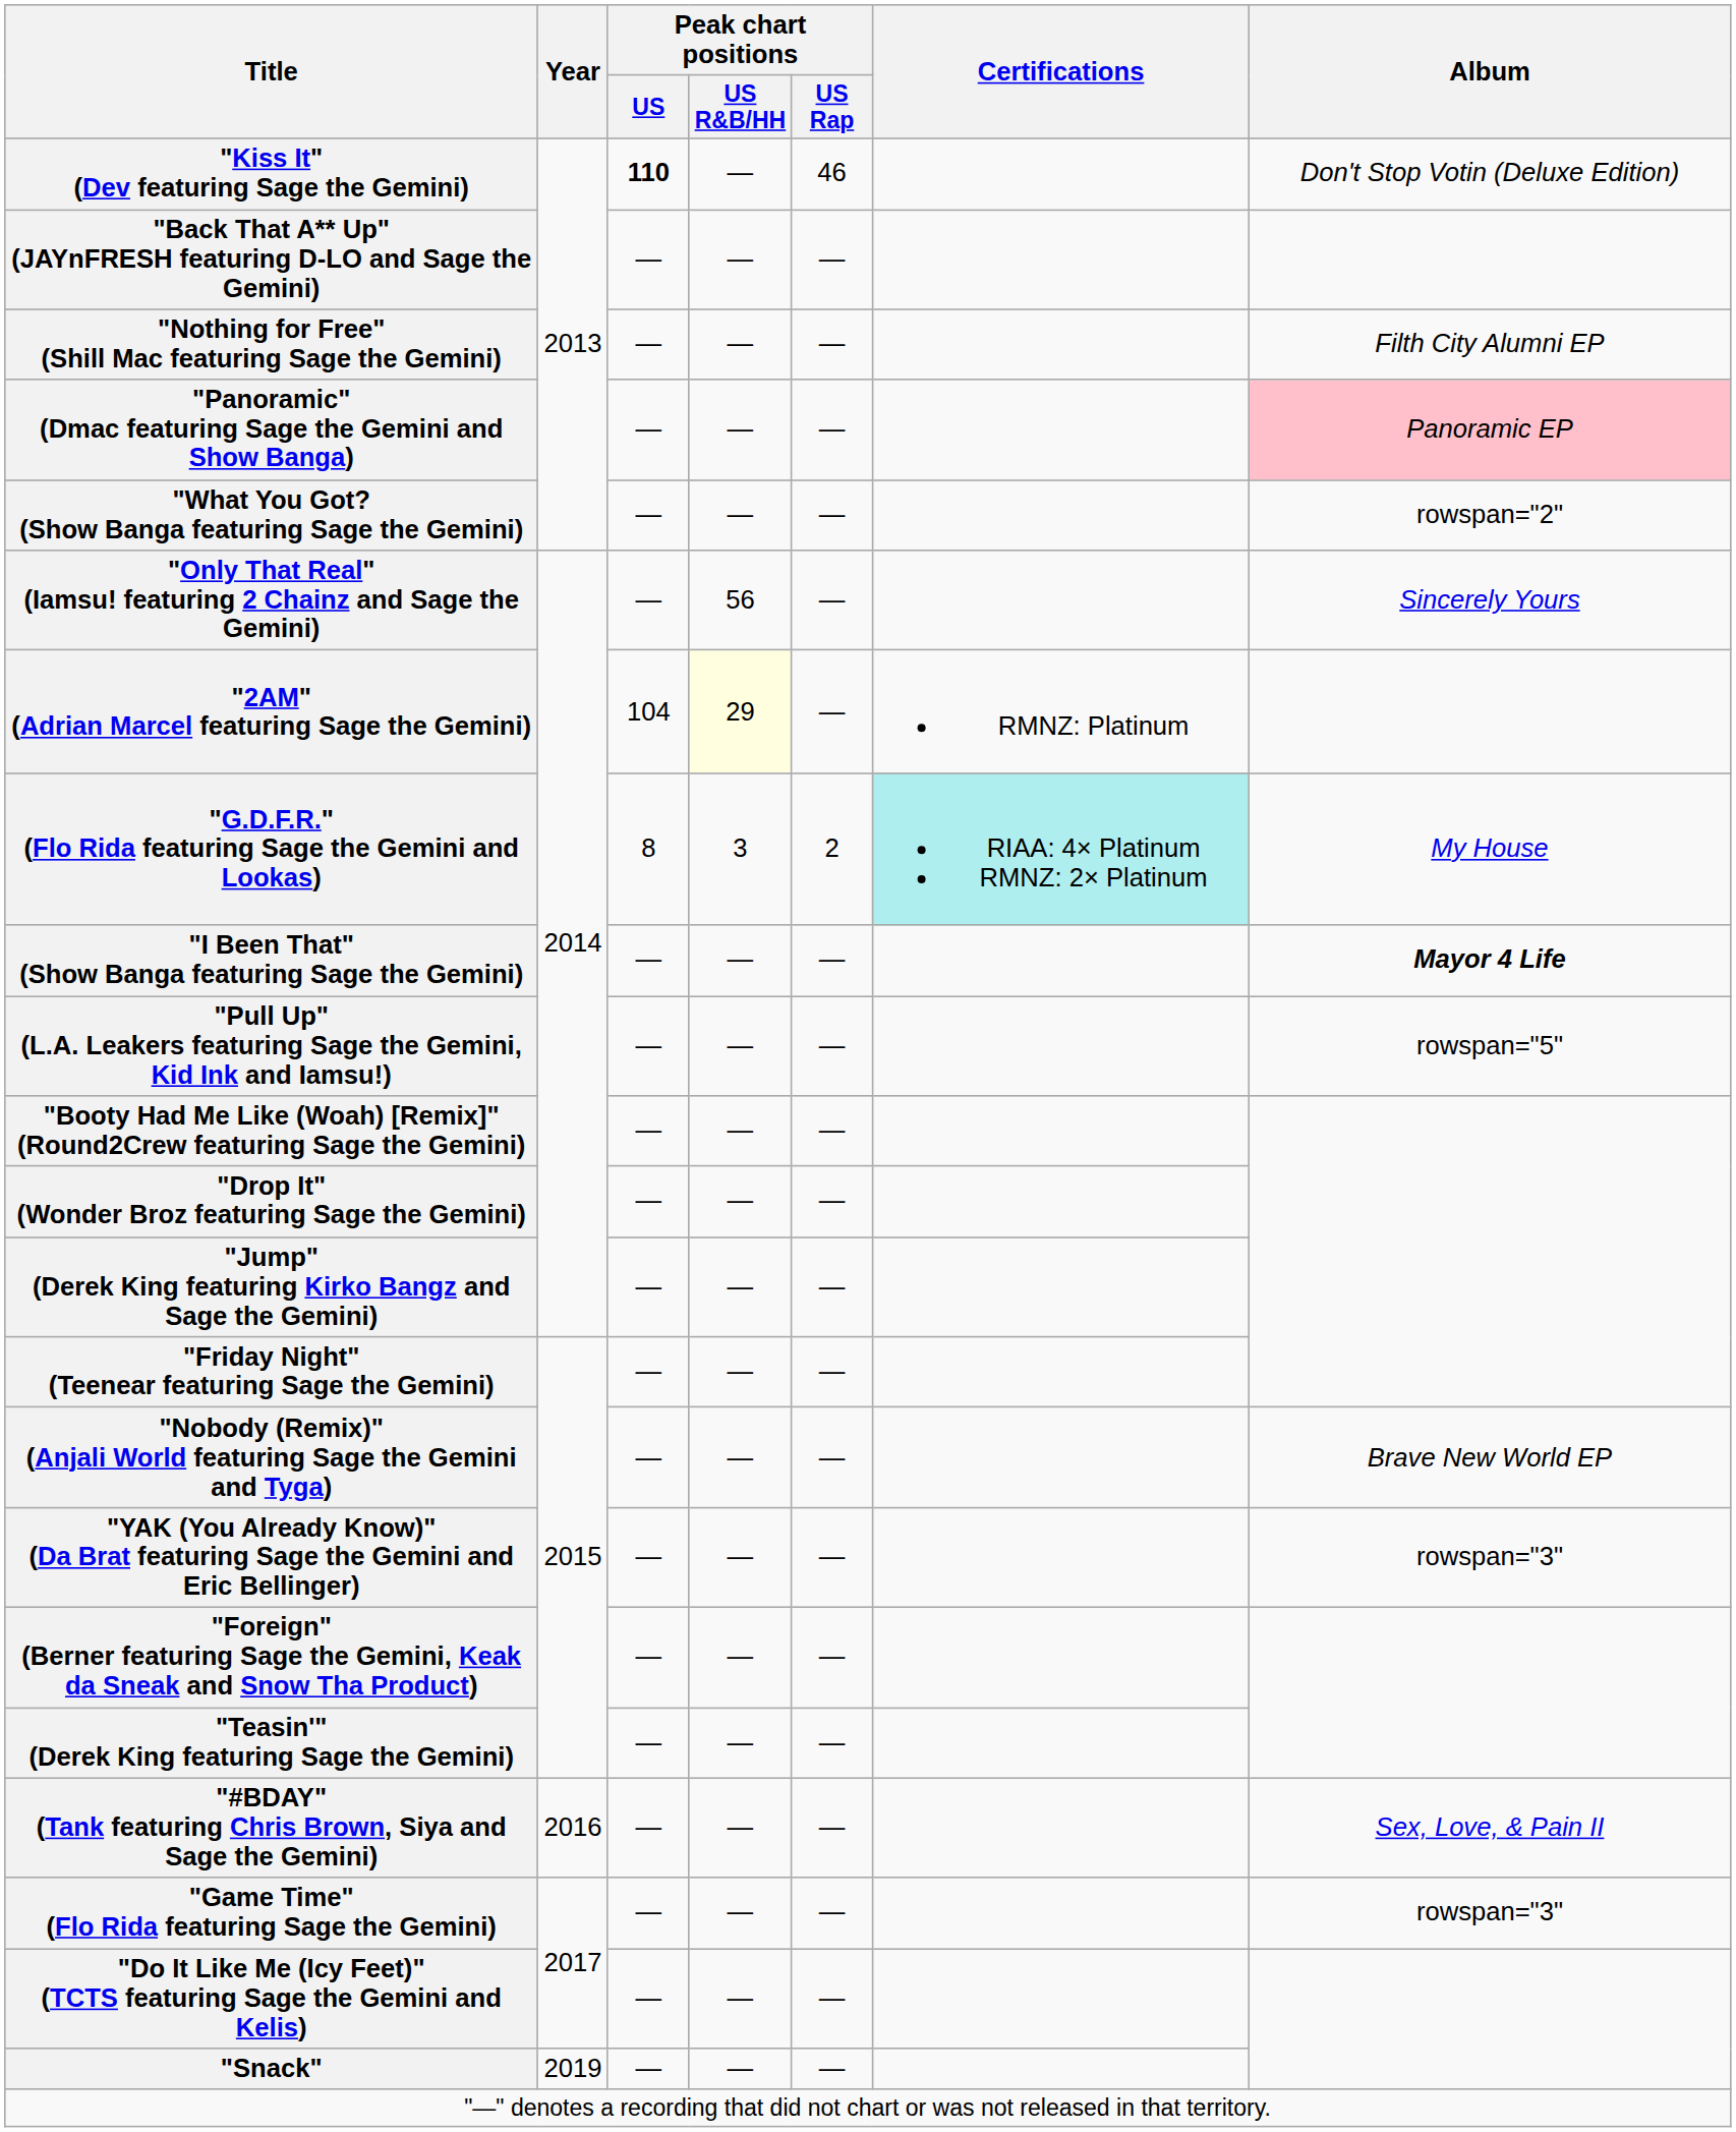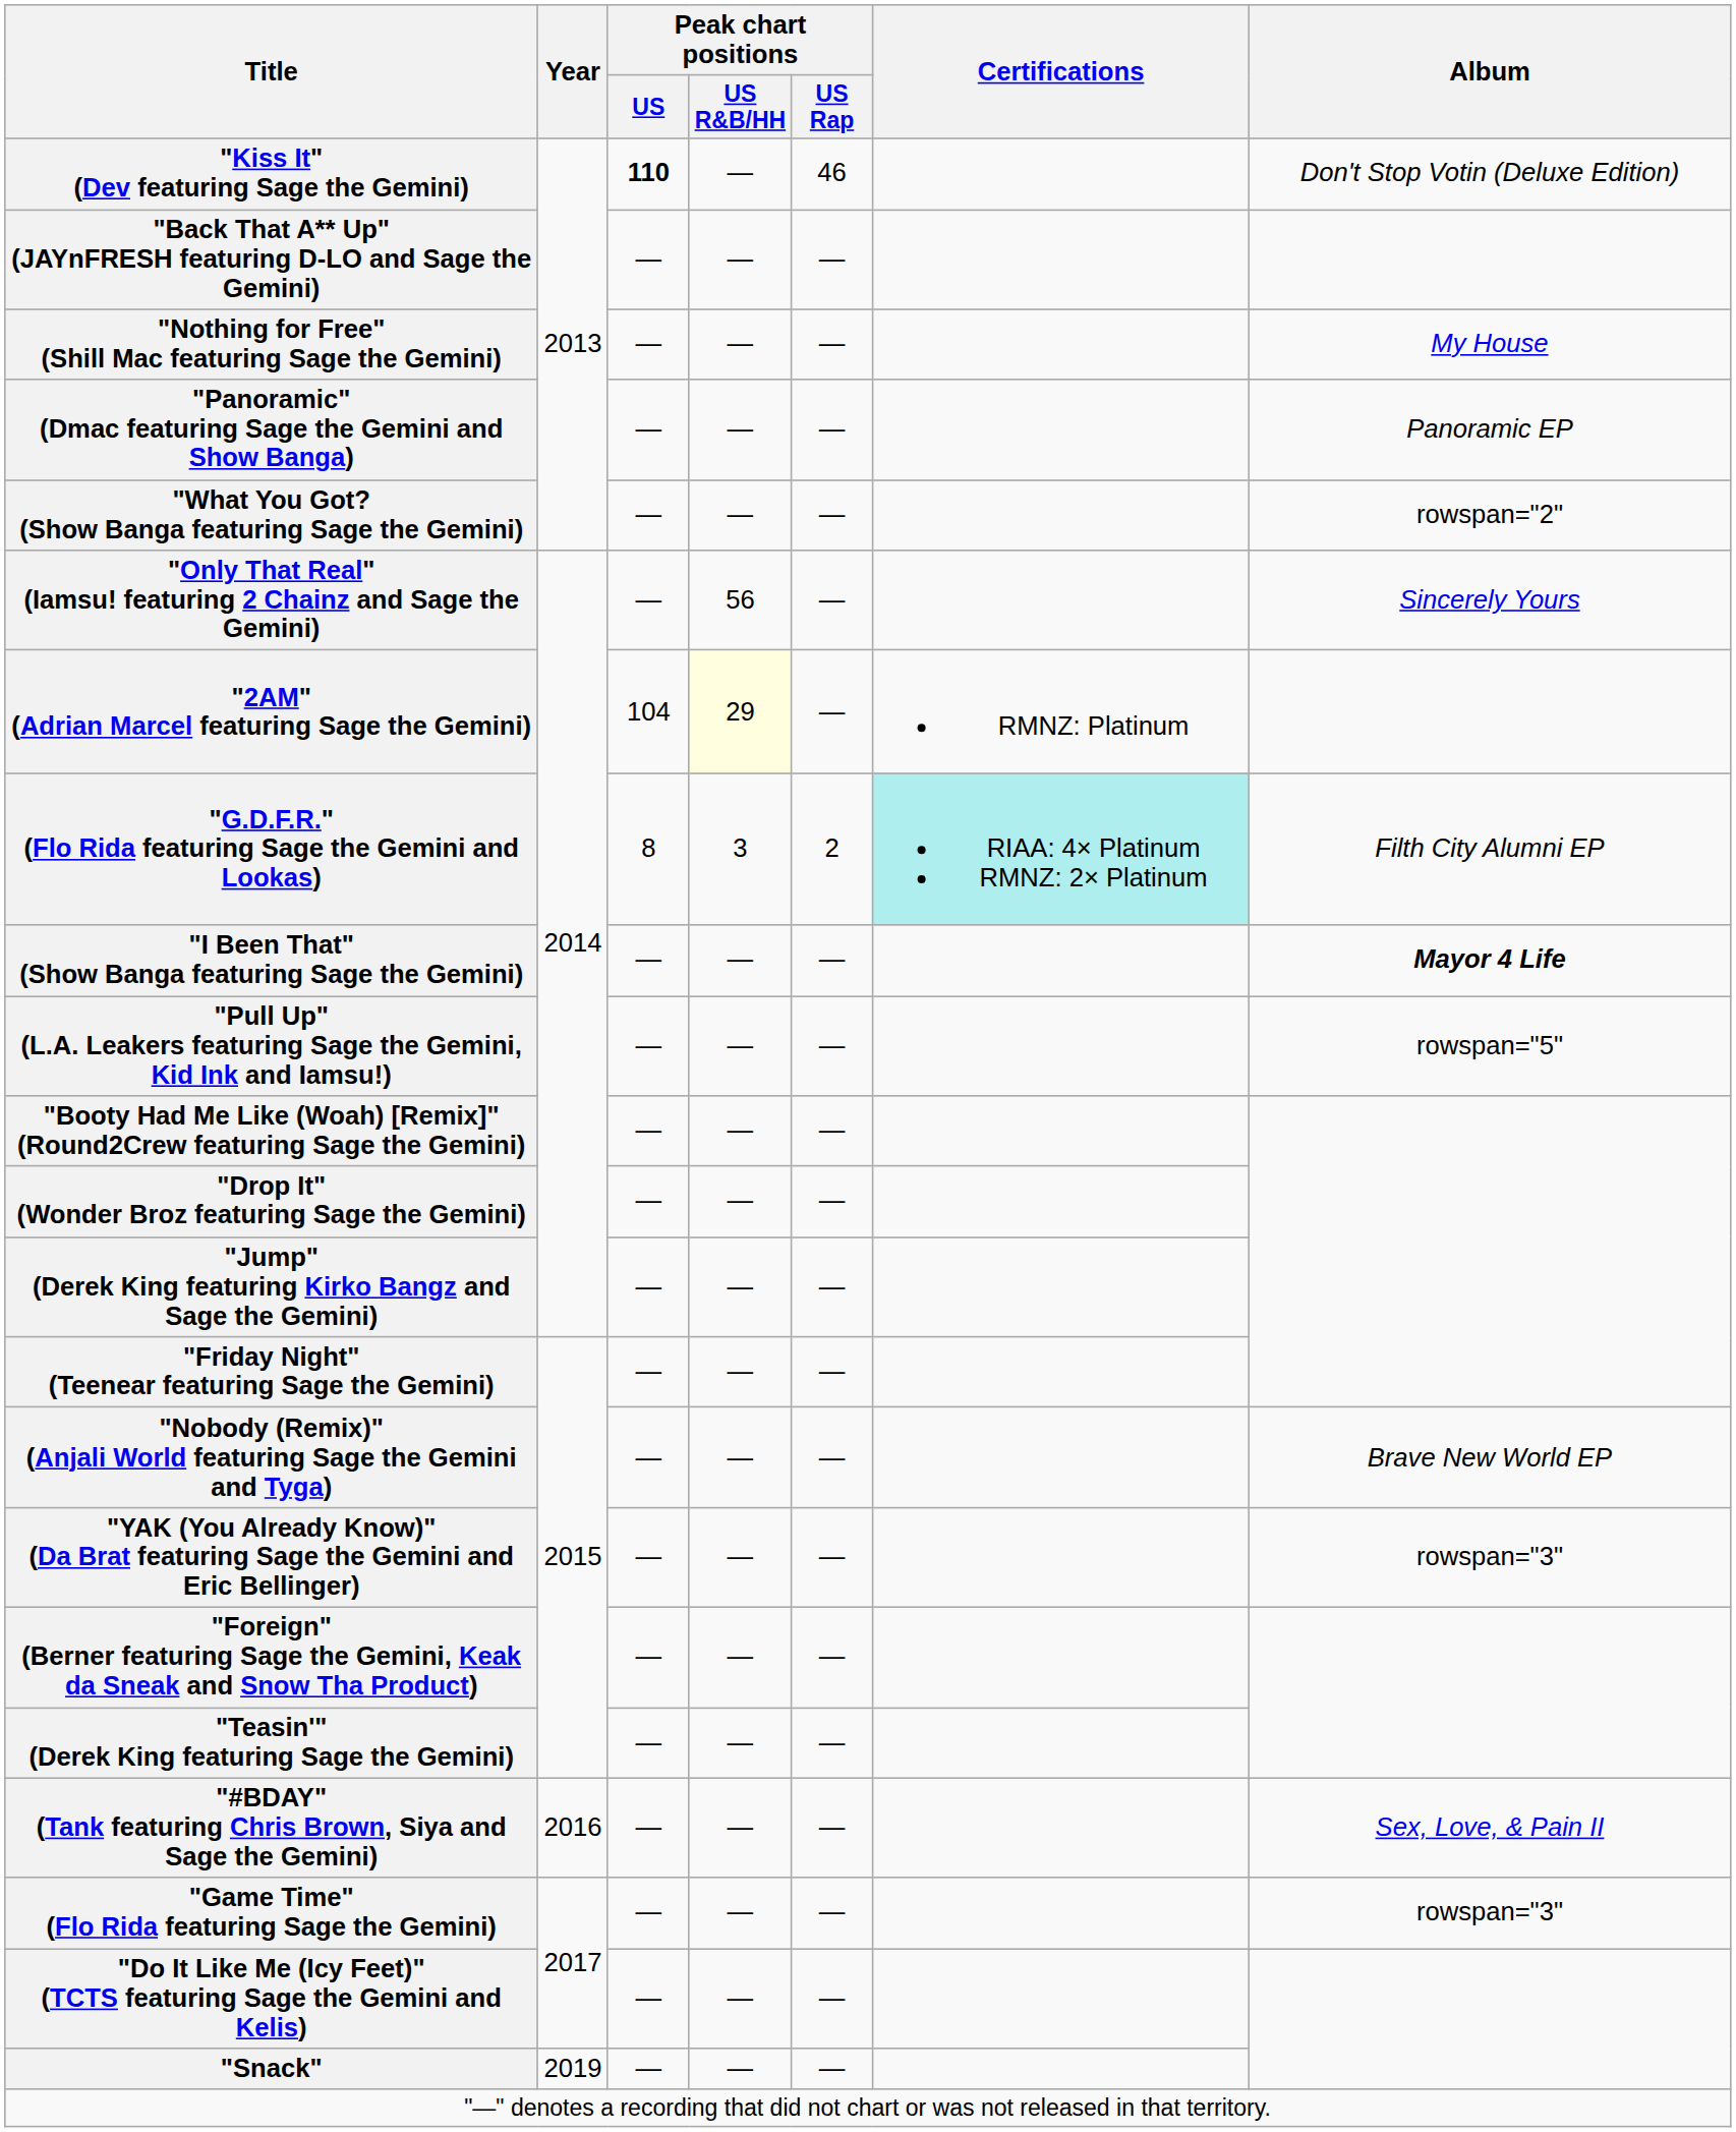 <table class="wikitable plainrowheaders" style="text-align:center;" border="1">
 <tr>
 <th scope="col" rowspan="2" style="width:20em;">Title</th>
 <th scope="col" rowspan="2" style="width:1em;">Year</th>
 <th scope="col" colspan="3">Peak chart positions</th>
 <th scope="col" rowspan="2" style="width:14em;"><a href='#'>Certifications</a></th>
 <th scope="col" rowspan="2" style="width:18em;">Album</th>
 </tr>
 <tr>
 <th scope="col" style="width:3em;font-size:90%;"><a href='#'>US</a></th>
 <th scope="col" style="width:3em;font-size:90%;"><a href='#'>US R&B/HH</a></th>
 <th scope="col" style="width:3em;font-size:90%;"><a href='#'>US Rap</a></th>
 </tr>
 <tr>
 <th scope="row">"<a href='#'>Kiss It</a>"<br><span>(<a href='#'>Dev</a> featuring Sage the Gemini)</span></th>
 <td rowspan="5">2013</td>
 <td><strong>110</strong></td>
 <td>—</td>
 <td>46</td>
 <td></td>
 <td><em>Don't Stop Votin (Deluxe Edition)</em></td>
 </tr>
 <tr>
 <th scope="row">"Back That A** Up"<br><span>(JAYnFRESH featuring D-LO and Sage the Gemini)</span></th>
 <td>—</td>
 <td>—</td>
 <td>—</td>
 <td></td>
 </tr>
 <tr>
 <th scope="row">"Nothing for Free"<br><span>(Shill Mac featuring Sage the Gemini)</span></th>
 <td>—</td>
 <td>—</td>
 <td>—</td>
 <td></td>
-<td><em>Filth City Alumni EP</em></td>
+<td><em><a href='#'>My House</a></em></td>
 </tr>
 <tr>
 <th scope="row">"Panoramic"<br><span>(Dmac featuring Sage the Gemini and <a href='#'>Show Banga</a>)</span></th>
 <td>—</td>
 <td>—</td>
 <td>—</td>
 <td></td>
-<td style="background: pink;"><em>Panoramic EP</em></td>
+<td><em>Panoramic EP</em></td>
 </tr>
 <tr>
 <th scope="row">"What You Got?<br><span>(Show Banga featuring Sage the Gemini)</span></th>
 <td>—</td>
 <td>—</td>
 <td>—</td>
 <td></td>
 <td>rowspan="2" </td>
 </tr>
 <tr>
 <th scope="row">"<a href='#'>Only That Real</a>"<br><span>(Iamsu! featuring <a href='#'>2 Chainz</a> and Sage the Gemini)</span></th>
 <td rowspan="8">2014</td>
 <td>—</td>
 <td>56</td>
 <td>—</td>
 <td></td>
 <td><em><a href='#'>Sincerely Yours</a></em></td>
 </tr>
 <tr>
 <th scope="row">"<a href='#'>2AM</a>"<br><span>(<a href='#'>Adrian Marcel</a> featuring Sage the Gemini)</span></th>
 <td>104</td>
 <td style="background: lightyellow;">29</td>
 <td>—</td>
 <td><br><ul><li>RMNZ: Platinum</li></ul></td>
 <td></td>
 </tr>
 <tr>
 <th scope="row">"<a href='#'>G.D.F.R.</a>"<br><span>(<a href='#'>Flo Rida</a> featuring Sage the Gemini and <a href='#'>Lookas</a>)</span></th>
 <td>8</td>
 <td>3</td>
 <td>2</td>
 <td style="background: paleturquoise;"><br><ul><li>RIAA: 4× Platinum</li><li>RMNZ: 2× Platinum</li></ul></td>
-<td><em><a href='#'>My House</a></em></td>
+<td><em>Filth City Alumni EP</em></td>
 </tr>
 <tr>
 <th scope="row">"I Been That"<br><span>(Show Banga featuring Sage the Gemini)</span></th>
 <td>—</td>
 <td>—</td>
 <td>—</td>
 <td></td>
 <td><strong><em>Mayor 4 Life</em></strong></td>
 </tr>
 <tr>
 <th scope="row">"Pull Up"<br><span>(L.A. Leakers featuring Sage the Gemini, <a href='#'>Kid Ink</a> and Iamsu!)</span></th>
 <td>—</td>
 <td>—</td>
 <td>—</td>
 <td></td>
 <td>rowspan="5" </td>
 </tr>
 <tr>
 <th scope="row">"Booty Had Me Like (Woah) [Remix]"<br><span>(Round2Crew featuring Sage the Gemini)</span></th>
 <td>—</td>
 <td>—</td>
 <td>—</td>
 <td></td>
 </tr>
 <tr>
 <th scope="row">"Drop It"<br><span>(Wonder Broz featuring Sage the Gemini)</span></th>
 <td>—</td>
 <td>—</td>
 <td>—</td>
 <td></td>
 </tr>
 <tr>
 <th scope="row">"Jump"<br><span>(Derek King featuring <a href='#'>Kirko Bangz</a> and Sage the Gemini)</span></th>
 <td>—</td>
 <td>—</td>
 <td>—</td>
 <td></td>
 </tr>
 <tr>
 <th scope="row">"Friday Night"<br><span>(Teenear featuring Sage the Gemini)</span></th>
 <td rowspan="5">2015</td>
 <td>—</td>
 <td>—</td>
 <td>—</td>
 <td></td>
 </tr>
 <tr>
 <th scope="row">"Nobody (Remix)"<br><span>(<a href='#'>Anjali World</a> featuring Sage the Gemini and <a href='#'>Tyga</a>)</span></th>
 <td>—</td>
 <td>—</td>
 <td>—</td>
 <td></td>
 <td><em>Brave New World EP</em></td>
 </tr>
 <tr>
 <th scope="row">"YAK (You Already Know)"<br><span>(<a href='#'>Da Brat</a> featuring Sage the Gemini and Eric Bellinger)</span></th>
 <td>—</td>
 <td>—</td>
 <td>—</td>
 <td></td>
 <td>rowspan="3" </td>
 </tr>
 <tr>
 <th scope="row">"Foreign"<br><span>(Berner featuring Sage the Gemini, <a href='#'>Keak da Sneak</a> and <a href='#'>Snow Tha Product</a>)</span></th>
 <td>—</td>
 <td>—</td>
 <td>—</td>
 <td></td>
 </tr>
 <tr>
 <th scope="row">"Teasin'"<br><span>(Derek King featuring Sage the Gemini)</span></th>
 <td>—</td>
 <td>—</td>
 <td>—</td>
 <td></td>
 </tr>
 <tr>
 <th scope="row">"#BDAY"<br><span>(<a href='#'>Tank</a> featuring <a href='#'>Chris Brown</a>, Siya and Sage the Gemini)</span></th>
 <td>2016</td>
 <td>—</td>
 <td>—</td>
 <td>—</td>
 <td></td>
 <td><em><a href='#'>Sex, Love, & Pain II</a></em></td>
 </tr>
 <tr>
 <th scope="row">"Game Time"<br><span>(<a href='#'>Flo Rida</a> featuring Sage the Gemini)</span></th>
 <td rowspan="2">2017</td>
 <td>—</td>
 <td>—</td>
 <td>—</td>
 <td></td>
 <td>rowspan="3" </td>
 </tr>
 <tr>
 <th scope="row">"Do It Like Me (Icy Feet)"<br><span>(<a href='#'>TCTS</a> featuring Sage the Gemini and <a href='#'>Kelis</a>)</span></th>
 <td>—</td>
 <td>—</td>
 <td>—</td>
 <td></td>
 </tr>
 <tr>
 <th scope="row">"Snack"<br></th>
 <td>2019</td>
 <td>—</td>
 <td>—</td>
 <td>—</td>
 <td></td>
 </tr>
 <tr>
 <td colspan="7" style="font-size:90%">"—" denotes a recording that did not chart or was not released in that territory.</td>
 </tr>
 </table>
